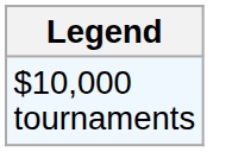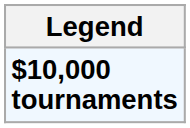 <table class="wikitable" style="font-size:85%;" width=12%>
 <tr>
 <th>Legend</th>
 </tr>
 <tr style="background:#f0f8ff;">
-<td>$10,000 tournaments</td>
+<td><strong>$10,000 tournaments</strong></td>
 </tr>
 </table>
